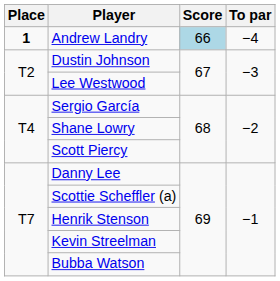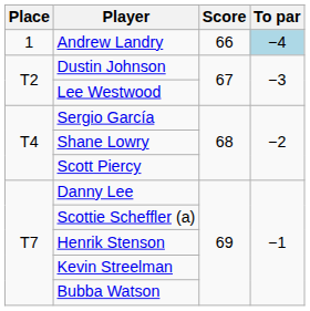 <table class="wikitable">
 <tr>
 <th>Place</th>
 <th>Player</th>
 <th>Score</th>
 <th>To par</th>
 </tr>
 <tr>
-<td align=center><strong>1</strong></td>
+<td align=center>1</td>
 <td> <a href='#'>Andrew Landry</a></td>
-<td align=center style="background: lightblue;">66</td>
-<td align=center>−4</td>
+<td align=center>66</td>
+<td align=center style="background: lightblue;">−4</td>
 </tr>
 <tr>
 <td align=center rowspan=2>T2</td>
 <td> <a href='#'>Dustin Johnson</a></td>
 <td rowspan=2 align=center>67</td>
 <td rowspan=2 align=center>−3</td>
 </tr>
 <tr>
 <td> <a href='#'>Lee Westwood</a></td>
 </tr>
 <tr>
 <td align=center rowspan=3>T4</td>
 <td> <a href='#'>Sergio García</a></td>
 <td rowspan=3 align=center>68</td>
 <td rowspan=3 align=center>−2</td>
 </tr>
 <tr>
 <td> <a href='#'>Shane Lowry</a></td>
 </tr>
 <tr>
 <td> <a href='#'>Scott Piercy</a></td>
 </tr>
 <tr>
 <td align=center rowspan=5>T7</td>
 <td> <a href='#'>Danny Lee</a></td>
 <td rowspan=5 align=center>69</td>
 <td rowspan=5 align=center>−1</td>
 </tr>
 <tr>
 <td> <a href='#'>Scottie Scheffler</a> (a)</td>
 </tr>
 <tr>
 <td> <a href='#'>Henrik Stenson</a></td>
 </tr>
 <tr>
 <td> <a href='#'>Kevin Streelman</a></td>
 </tr>
 <tr>
 <td> <a href='#'>Bubba Watson</a></td>
 </tr>
 </table>
